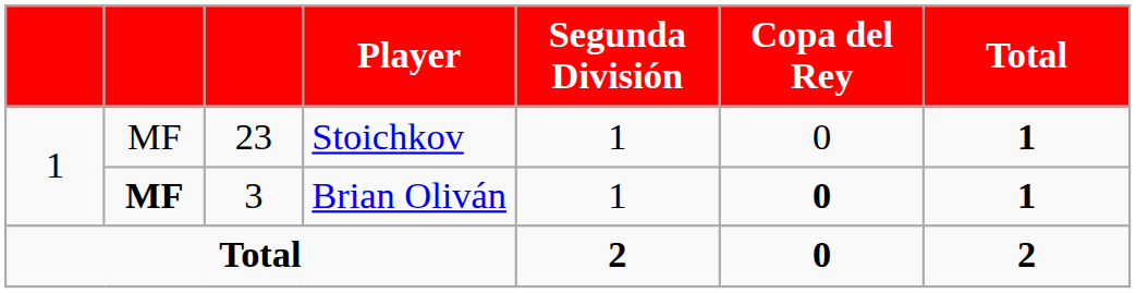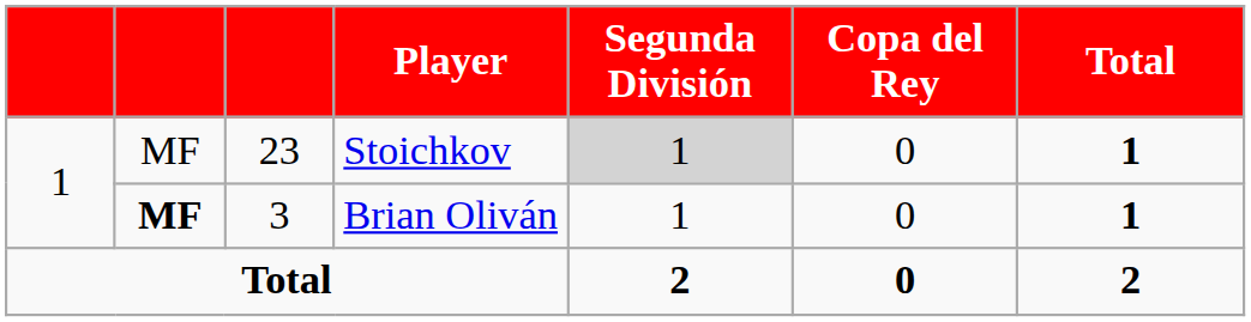 <table class="wikitable sortable" style="text-align:center">
 <tr>
 <th style="background:#FF0000; color:white; width:35px;"></th>
 <th style="background:#FF0000; color:white; width:35px;"></th>
 <th style="background:#FF0000; color:white; width:35px;"></th>
 <th style="background:#FF0000; color:white;">Player</th>
 <th style="background:#FF0000; color:white; width:80px;">Segunda División</th>
 <th style="background:#FF0000; color:white; width:80px;">Copa del Rey</th>
 <th style="background:#FF0000; color:white; width:80px;"><strong>Total</strong></th>
 </tr>
 <tr>
 <td rowspan=2>1</td>
 <td>MF</td>
 <td>23</td>
 <td align="left"> <a href='#'>Stoichkov</a></td>
-<td>1</td>
+<td style="background: lightgrey;">1</td>
 <td>0</td>
 <td><strong>1</strong></td>
 </tr>
 <tr>
 <td><strong>MF</strong></td>
 <td>3</td>
 <td align="left"> <a href='#'>Brian Oliván</a></td>
 <td>1</td>
-<td><strong>0</strong></td>
+<td>0</td>
 <td><strong>1</strong></td>
 </tr>
 <tr class="sortbottom">
 <td colspan="4"><strong>Total</strong></td>
 <td><strong>2</strong></td>
 <td><strong>0</strong></td>
 <td><strong>2</strong></td>
 </tr>
 </table>
